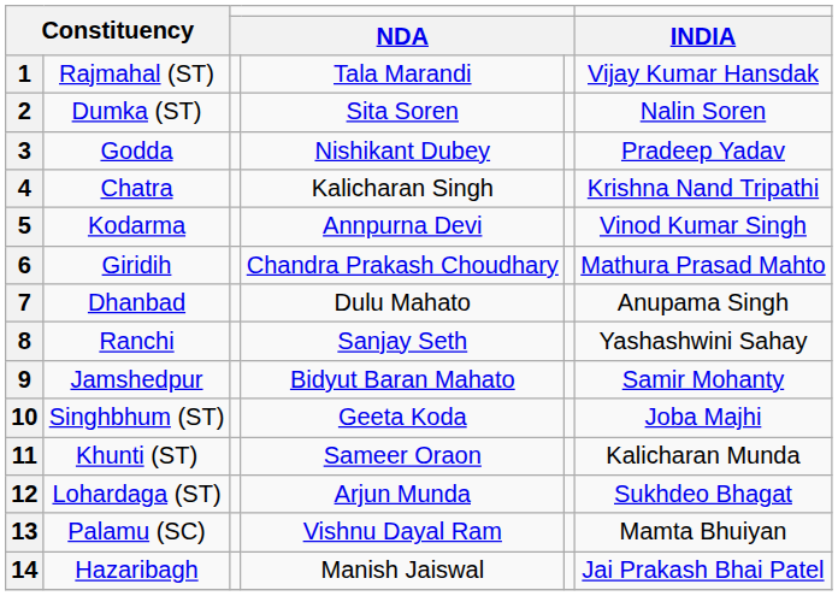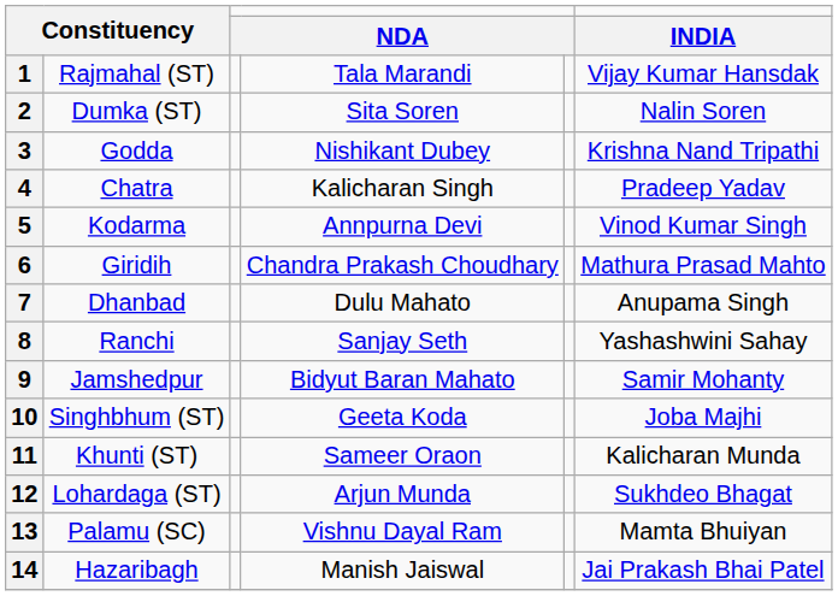 <table class="wikitable sortable" style="text-align:center;">
 <tr>
 <th colspan="2" rowspan="2">Constituency</th>
 <td colspan="3"></td>
 <td colspan="3"></td>
 </tr>
 <tr>
 <th colspan="3" class="wikitable"><a href='#'>NDA</a></th>
 <th colspan="3" class="wikitable"><a href='#'>INDIA</a></th>
 </tr>
 <tr>
 <th>1</th>
 <td><a href='#'>Rajmahal</a> (ST)</td>
 <td></td>
 <td><a href='#'>Tala Marandi</a></td>
 <td></td>
 <td><a href='#'>Vijay Kumar Hansdak</a></td>
 </tr>
 <tr>
 <th>2</th>
 <td><a href='#'>Dumka</a> (ST)</td>
 <td></td>
 <td><a href='#'>Sita Soren</a></td>
 <td></td>
 <td><a href='#'>Nalin Soren</a></td>
 </tr>
 <tr>
 <th>3</th>
 <td><a href='#'>Godda</a></td>
 <td></td>
 <td><a href='#'>Nishikant Dubey</a></td>
 <td></td>
-<td><a href='#'>Pradeep Yadav</a></td>
+<td><a href='#'>Krishna Nand Tripathi</a></td>
 </tr>
 <tr>
 <th>4</th>
 <td><a href='#'>Chatra</a></td>
 <td></td>
 <td>Kalicharan Singh</td>
 <td></td>
-<td><a href='#'>Krishna Nand Tripathi</a></td>
+<td><a href='#'>Pradeep Yadav</a></td>
 </tr>
 <tr>
 <th>5</th>
 <td><a href='#'>Kodarma</a></td>
 <td></td>
 <td><a href='#'>Annpurna Devi</a></td>
 <td></td>
 <td><a href='#'>Vinod Kumar Singh</a></td>
 </tr>
 <tr>
 <th>6</th>
 <td><a href='#'>Giridih</a></td>
 <td></td>
 <td><a href='#'>Chandra Prakash Choudhary</a></td>
 <td></td>
 <td><a href='#'>Mathura Prasad Mahto</a></td>
 </tr>
 <tr>
 <th>7</th>
 <td><a href='#'>Dhanbad</a></td>
 <td></td>
 <td>Dulu Mahato</td>
 <td></td>
 <td>Anupama Singh</td>
 </tr>
 <tr>
 <th>8</th>
 <td><a href='#'>Ranchi</a></td>
 <td></td>
 <td><a href='#'>Sanjay Seth</a></td>
 <td></td>
 <td>Yashashwini Sahay</td>
 </tr>
 <tr>
 <th>9</th>
 <td><a href='#'>Jamshedpur</a></td>
 <td></td>
 <td><a href='#'>Bidyut Baran Mahato</a></td>
 <td></td>
 <td><a href='#'>Samir Mohanty</a></td>
 </tr>
 <tr>
 <th>10</th>
 <td><a href='#'>Singhbhum</a> (ST)</td>
 <td></td>
 <td><a href='#'>Geeta Koda</a></td>
 <td></td>
 <td><a href='#'>Joba Majhi</a></td>
 </tr>
 <tr>
 <th>11</th>
 <td><a href='#'>Khunti</a> (ST)</td>
 <td></td>
 <td><a href='#'>Sameer Oraon</a></td>
 <td></td>
 <td>Kalicharan Munda</td>
 </tr>
 <tr>
 <th>12</th>
 <td><a href='#'>Lohardaga</a> (ST)</td>
 <td></td>
 <td><a href='#'>Arjun Munda</a></td>
 <td></td>
 <td><a href='#'>Sukhdeo Bhagat</a></td>
 </tr>
 <tr>
 <th>13</th>
 <td><a href='#'>Palamu</a> (SC)</td>
 <td></td>
 <td><a href='#'>Vishnu Dayal Ram</a></td>
 <td></td>
 <td>Mamta Bhuiyan</td>
 </tr>
 <tr>
 <th>14</th>
 <td><a href='#'>Hazaribagh</a></td>
 <td></td>
 <td>Manish Jaiswal</td>
 <td></td>
 <td><a href='#'>Jai Prakash Bhai Patel</a></td>
 </tr>
 <tr>
 </tr>
 </table>
